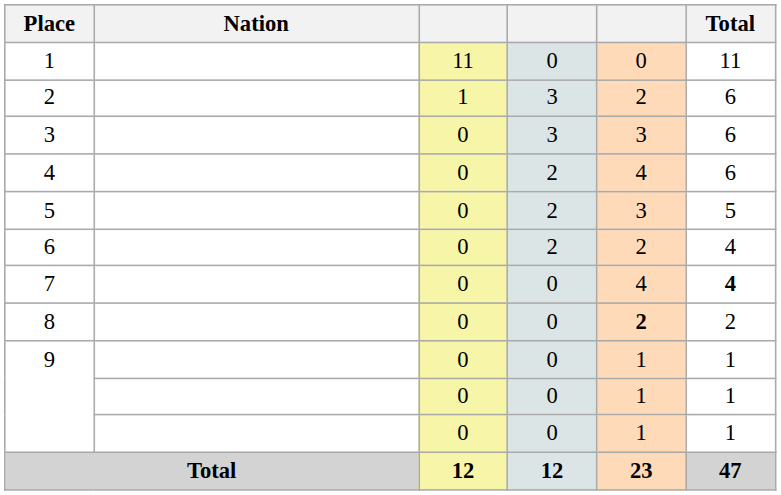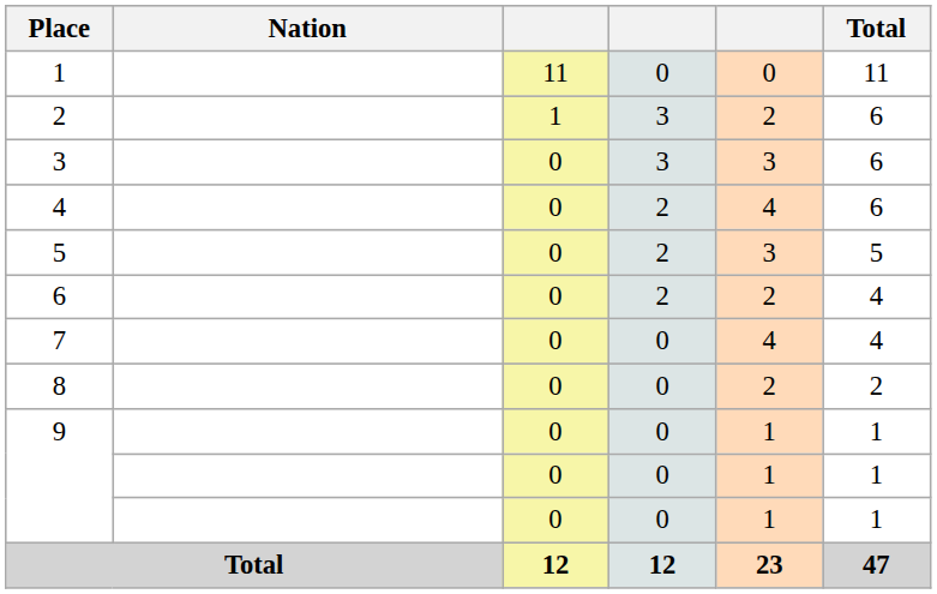 <table class=wikitable style="border:1px solid #AAAAAA;font-size:90%">
 <tr bgcolor="#EFEFEF">
 <th width=50>Place</th>
 <th width=200>Nation</th>
 <th width=50></th>
 <th width=50></th>
 <th width=50></th>
 <th width=50>Total</th>
 </tr>
 <tr align="center" valign="top" bgcolor="#FFFFFF">
 <td>1</td>
 <td align="left"></td>
 <td style="background:#F7F6A8;">11</td>
 <td style="background:#DCE5E5;">0</td>
 <td style="background:#FFDAB9;">0</td>
 <td>11</td>
 </tr>
 <tr align="center" valign="top" bgcolor="#FFFFFF">
 <td>2</td>
 <td align="left"></td>
 <td style="background:#F7F6A8;">1</td>
 <td style="background:#DCE5E5;">3</td>
 <td style="background:#FFDAB9;">2</td>
 <td>6</td>
 </tr>
 <tr align="center" valign="top" bgcolor="#FFFFFF">
 <td>3</td>
 <td align="left"></td>
 <td style="background:#F7F6A8;">0</td>
 <td style="background:#DCE5E5;">3</td>
 <td style="background:#FFDAB9;">3</td>
 <td>6</td>
 </tr>
 <tr align="center" valign="top" bgcolor="#FFFFFF">
 <td>4</td>
 <td align="left"></td>
 <td style="background:#F7F6A8;">0</td>
 <td style="background:#DCE5E5;">2</td>
 <td style="background:#FFDAB9;">4</td>
 <td>6</td>
 </tr>
 <tr align="center" valign="top" bgcolor="#FFFFFF">
 <td>5</td>
 <td align="left"></td>
 <td style="background:#F7F6A8;">0</td>
 <td style="background:#DCE5E5;">2</td>
 <td style="background:#FFDAB9;">3</td>
 <td>5</td>
 </tr>
 <tr align="center" valign="top" bgcolor="#FFFFFF">
 <td>6</td>
 <td align="left"></td>
 <td style="background:#F7F6A8;">0</td>
 <td style="background:#DCE5E5;">2</td>
 <td style="background:#FFDAB9;">2</td>
 <td>4</td>
 </tr>
 <tr align="center" valign="top" bgcolor="#FFFFFF">
 <td>7</td>
 <td align="left"></td>
 <td style="background:#F7F6A8;">0</td>
 <td style="background:#DCE5E5;">0</td>
 <td style="background:#FFDAB9;">4</td>
-<td><strong>4</strong></td>
+<td>4</td>
 </tr>
 <tr align="center" valign="top" bgcolor="#FFFFFF">
 <td>8</td>
 <td align="left"></td>
 <td style="background:#F7F6A8;">0</td>
 <td style="background:#DCE5E5;">0</td>
-<td style="background:#FFDAB9;"><strong>2</strong></td>
+<td style="background:#FFDAB9;">2</td>
 <td>2</td>
 </tr>
 <tr align="center" valign="top" bgcolor="#FFFFFF">
 <td rowspan=3 valign="center">9</td>
 <td align="left"></td>
 <td style="background:#F7F6A8;">0</td>
 <td style="background:#DCE5E5;">0</td>
 <td style="background:#FFDAB9;">1</td>
 <td>1</td>
 </tr>
 <tr align="center" valign="top" bgcolor="#FFFFFF">
 <td align="left"></td>
 <td style="background:#F7F6A8;">0</td>
 <td style="background:#DCE5E5;">0</td>
 <td style="background:#FFDAB9;">1</td>
 <td>1</td>
 </tr>
 <tr align="center" valign="top" bgcolor="#FFFFFF">
 <td align="left"></td>
 <td style="background:#F7F6A8;">0</td>
 <td style="background:#DCE5E5;">0</td>
 <td style="background:#FFDAB9;">1</td>
 <td>1</td>
 </tr>
 <tr align="center">
 <td colspan=2 bgcolor=D3D3D3><strong>Total</strong></td>
 <td style="background:#F7F6A8;"><strong>12</strong></td>
 <td style="background:#DCE5E5;"><strong>12</strong></td>
 <td style="background:#FFDAB9;"><strong>23</strong></td>
 <td bgcolor=D3D3D3><strong>47</strong></td>
 </tr>
 </table>
